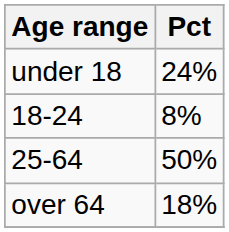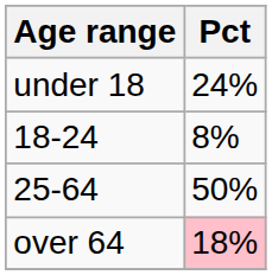 <table class="wikitable">
 <tr>
 <th>Age range</th>
 <th>Pct</th>
 </tr>
 <tr>
 <td>under 18</td>
 <td>24%</td>
 </tr>
 <tr>
 <td>18-24</td>
 <td>8%</td>
 </tr>
 <tr>
 <td>25-64</td>
 <td>50%</td>
 </tr>
 <tr>
 <td>over 64</td>
-<td>18%</td>
+<td style="background: pink;">18%</td>
 </tr>
 <tr>
 </tr>
 </table>
